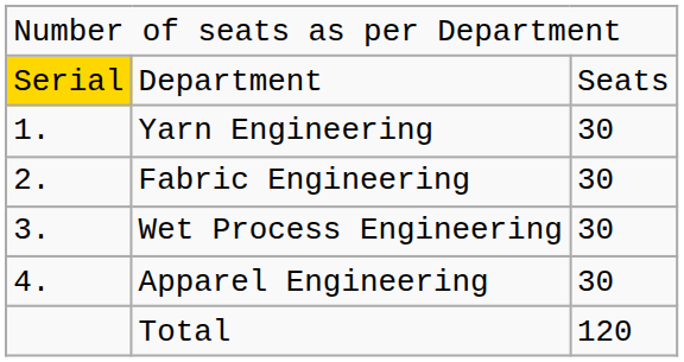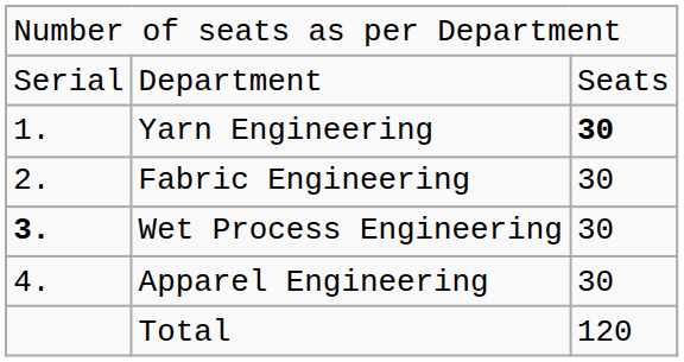 <table class="wikitable">
 <tr>
 <td colspan="3">Number of seats as per Department</td>
 </tr>
 <tr>
-<td style="background: gold;">Serial</td>
+<td>Serial</td>
 <td>Department</td>
 <td>Seats</td>
 </tr>
 <tr>
 <td>1.</td>
 <td>Yarn  Engineering</td>
-<td>30</td>
+<td><strong>30</strong></td>
 </tr>
 <tr>
 <td>2.</td>
 <td>Fabric  Engineering</td>
 <td>30</td>
 </tr>
 <tr>
-<td>3.</td>
+<td><strong>3.</strong></td>
 <td>Wet  Process Engineering</td>
 <td>30</td>
 </tr>
 <tr>
 <td>4.</td>
 <td>Apparel  Engineering</td>
 <td>30</td>
 </tr>
 <tr>
 <td></td>
 <td>Total</td>
 <td>120</td>
 </tr>
 </table>
